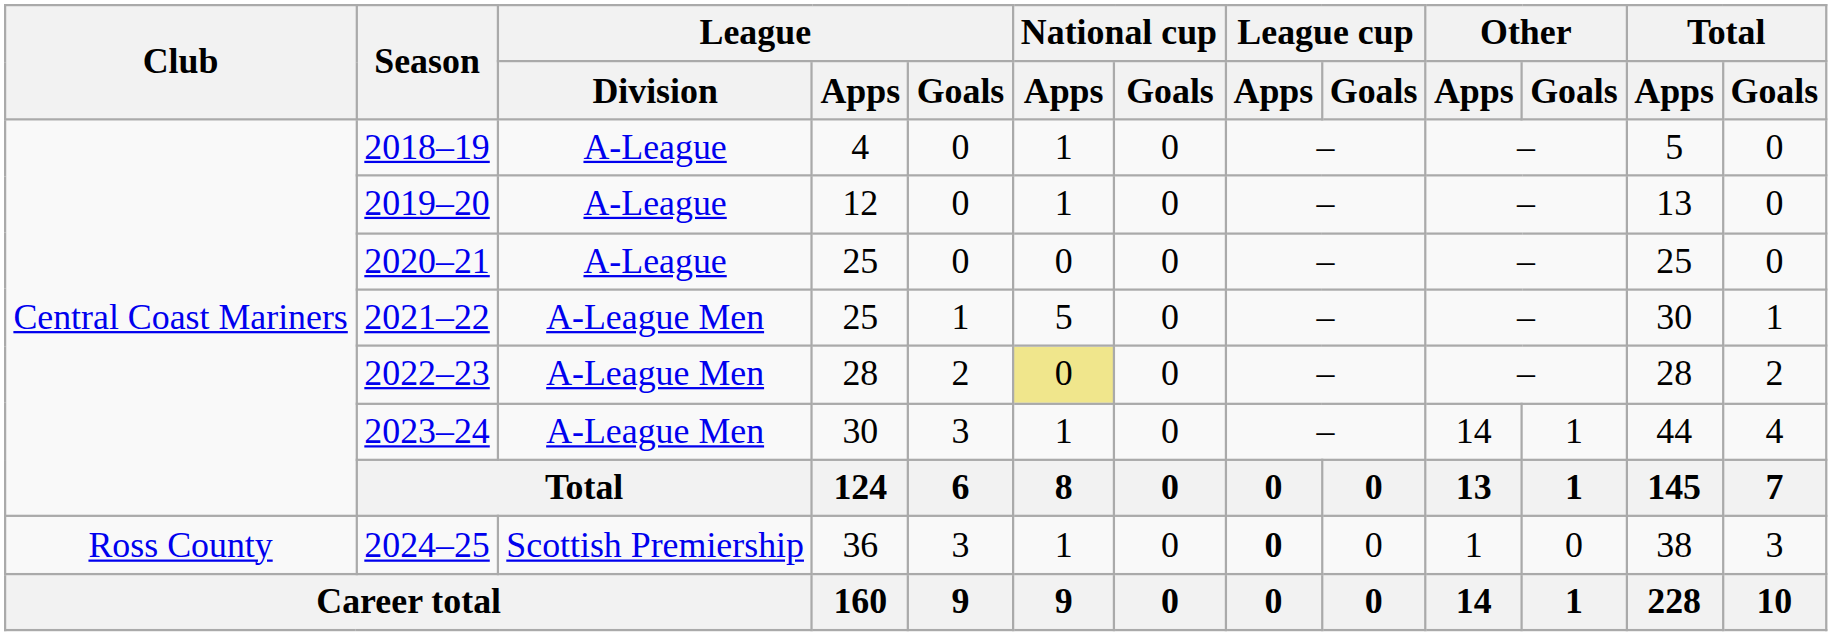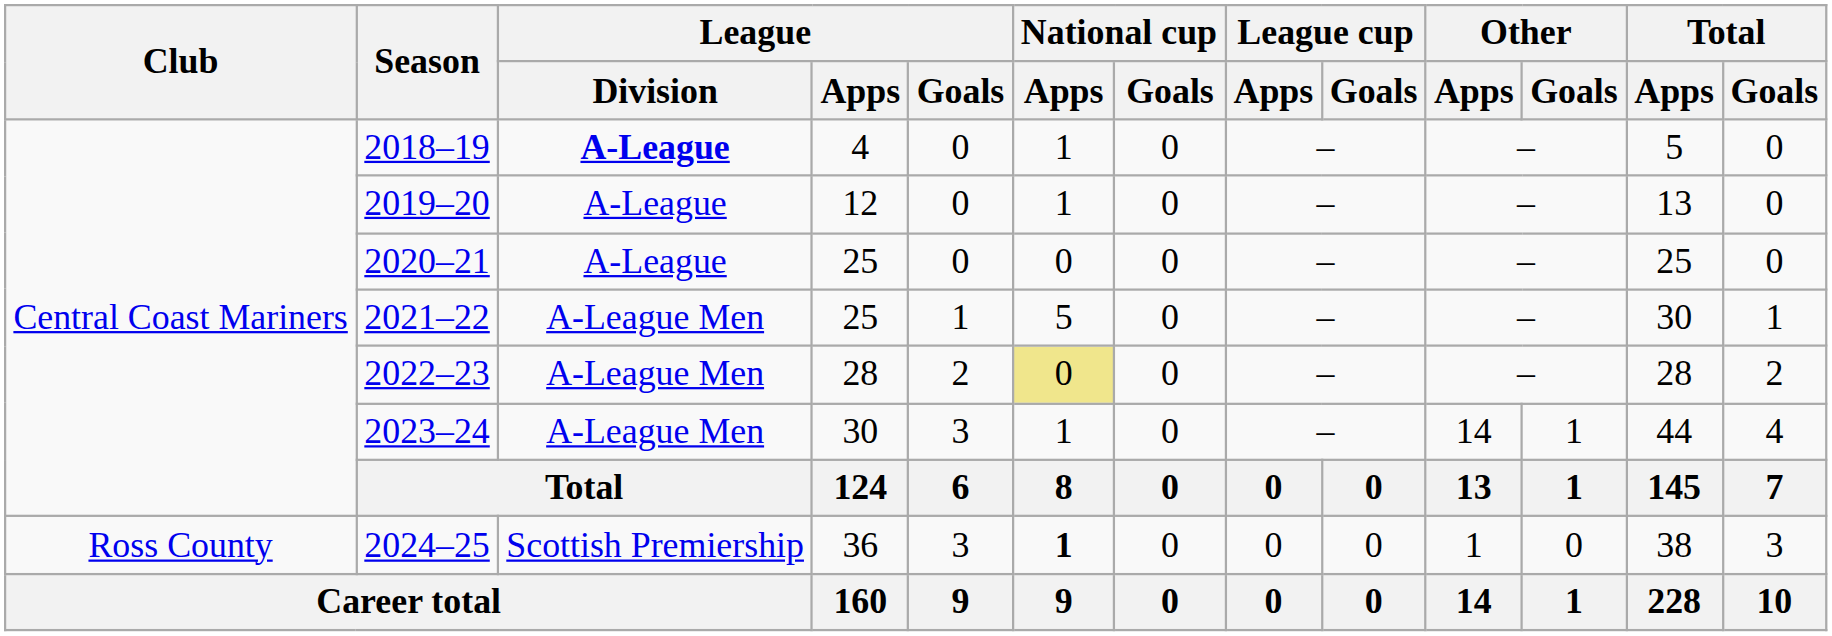 <table class="wikitable" style="text-align:center">
 <tr>
 <th rowspan="2">Club</th>
 <th rowspan="2">Season</th>
 <th colspan="3">League</th>
 <th colspan="2">National cup</th>
 <th colspan="2">League cup</th>
 <th colspan="2">Other</th>
 <th colspan="2">Total</th>
 </tr>
 <tr>
 <th>Division</th>
 <th>Apps</th>
 <th>Goals</th>
 <th>Apps</th>
 <th>Goals</th>
 <th>Apps</th>
 <th>Goals</th>
 <th>Apps</th>
 <th>Goals</th>
 <th>Apps</th>
 <th>Goals</th>
 </tr>
 <tr>
 <td rowspan="7"><a href='#'>Central Coast Mariners</a></td>
 <td><a href='#'>2018–19</a></td>
-<td><a href='#'>A-League</a></td>
+<td><strong><a href='#'>A-League</a></strong></td>
 <td>4</td>
 <td>0</td>
 <td>1</td>
 <td>0</td>
 <td colspan="2">–</td>
 <td colspan="2">–</td>
 <td>5</td>
 <td>0</td>
 </tr>
 <tr>
 <td><a href='#'>2019–20</a></td>
 <td><a href='#'>A-League</a></td>
 <td>12</td>
 <td>0</td>
 <td>1</td>
 <td>0</td>
 <td colspan="2">–</td>
 <td colspan="2">–</td>
 <td>13</td>
 <td>0</td>
 </tr>
 <tr>
 <td><a href='#'>2020–21</a></td>
 <td><a href='#'>A-League</a></td>
 <td>25</td>
 <td>0</td>
 <td>0</td>
 <td>0</td>
 <td colspan="2">–</td>
 <td colspan="2">–</td>
 <td>25</td>
 <td>0</td>
 </tr>
 <tr>
 <td><a href='#'>2021–22</a></td>
 <td><a href='#'>A-League Men</a></td>
 <td>25</td>
 <td>1</td>
 <td>5</td>
 <td>0</td>
 <td colspan="2">–</td>
 <td colspan="2">–</td>
 <td>30</td>
 <td>1</td>
 </tr>
 <tr>
 <td><a href='#'>2022–23</a></td>
 <td><a href='#'>A-League Men</a></td>
 <td>28</td>
 <td>2</td>
 <td style="background: khaki;">0</td>
 <td>0</td>
 <td colspan="2">–</td>
 <td colspan="2">–</td>
 <td>28</td>
 <td>2</td>
 </tr>
 <tr>
 <td><a href='#'>2023–24</a></td>
 <td><a href='#'>A-League Men</a></td>
 <td>30</td>
 <td>3</td>
 <td>1</td>
 <td>0</td>
 <td colspan="2">–</td>
 <td>14</td>
 <td>1</td>
 <td>44</td>
 <td>4</td>
 </tr>
 <tr>
 <th colspan="2">Total</th>
 <th>124</th>
 <th>6</th>
 <th>8</th>
 <th>0</th>
 <th>0</th>
 <th>0</th>
 <th>13</th>
 <th>1</th>
 <th>145</th>
 <th>7</th>
 </tr>
 <tr>
 <td><a href='#'>Ross County</a></td>
 <td><a href='#'>2024–25</a></td>
 <td><a href='#'>Scottish Premiership</a></td>
 <td>36</td>
 <td>3</td>
-<td>1</td>
+<td><strong>1</strong></td>
 <td>0</td>
-<td><strong>0</strong></td>
+<td>0</td>
 <td>0</td>
 <td>1</td>
 <td>0</td>
 <td>38</td>
 <td>3</td>
 </tr>
 <tr>
 <th colspan="3">Career total</th>
 <th>160</th>
 <th>9</th>
 <th>9</th>
 <th>0</th>
 <th>0</th>
 <th>0</th>
 <th>14</th>
 <th>1</th>
 <th>228</th>
 <th>10</th>
 </tr>
 </table>
